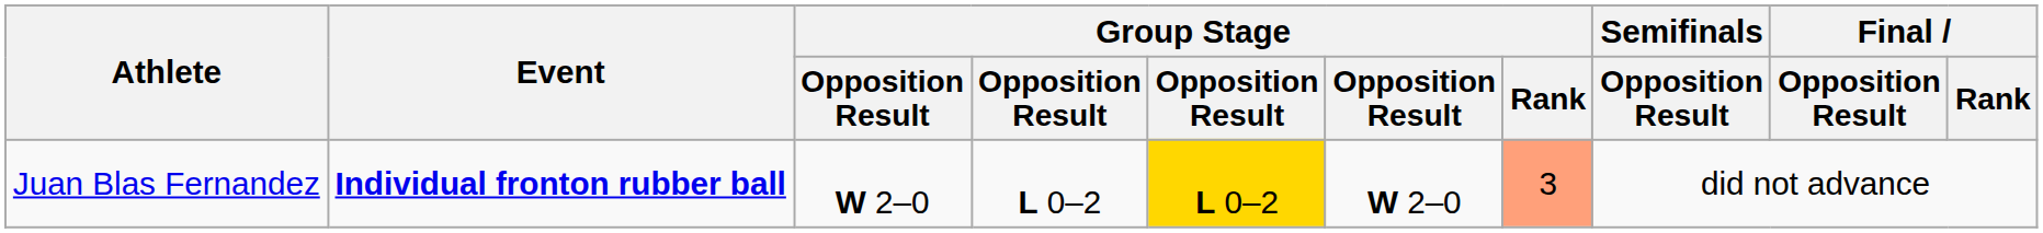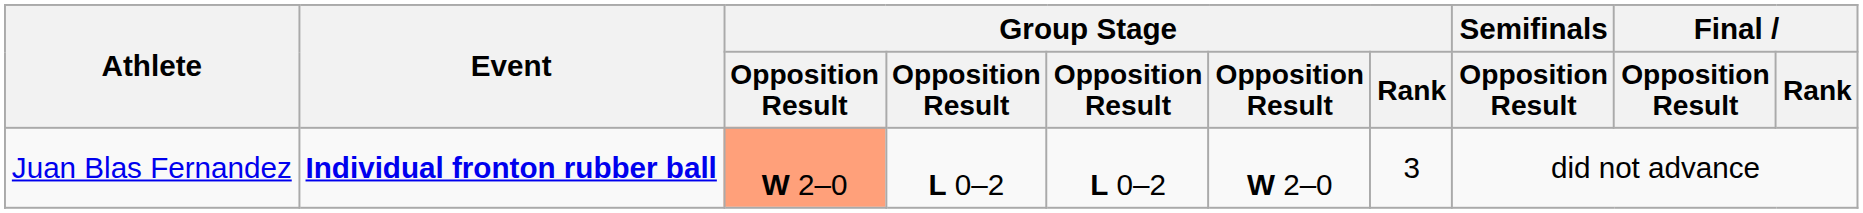 <table class="wikitable" style="font-size:95%">
 <tr>
 <th rowspan=2>Athlete</th>
 <th rowspan=2>Event</th>
 <th colspan=5>Group Stage</th>
 <th>Semifinals</th>
 <th colspan=2>Final / </th>
 </tr>
 <tr style="font-size:95%">
 <th>Opposition<br>Result</th>
 <th>Opposition<br>Result</th>
 <th>Opposition<br>Result</th>
 <th>Opposition<br>Result</th>
 <th>Rank</th>
 <th>Opposition<br>Result</th>
 <th>Opposition<br>Result</th>
 <th>Rank</th>
 </tr>
 <tr align=center>
 <td align=left><a href='#'>Juan Blas Fernandez</a></td>
 <td align=left><strong><a href='#'>Individual fronton rubber ball</a></strong></td>
+<td style="background: lightsalmon;"><br><strong>W</strong> 2–0</td>
+<td><br><strong>L</strong> 0–2</td>
+<td><br><strong>L</strong> 0–2</td>
 <td><br><strong>W</strong> 2–0</td>
-<td><br><strong>L</strong> 0–2</td>
-<td style="background: gold;"><br><strong>L</strong> 0–2</td>
-<td><br><strong>W</strong> 2–0</td>
-<td style="background: lightsalmon;">3</td>
+<td>3</td>
 <td colspan=3>did not advance</td>
 </tr>
 </table>
